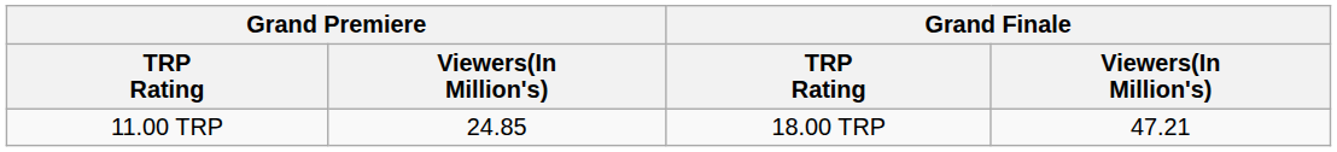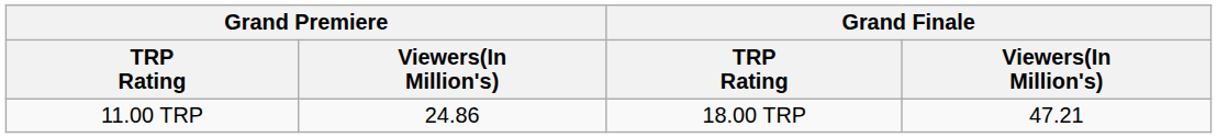 <table class="wikitable" style="font-size:90%; text-align:center; width: 90%; margin-left: auto; margin-right: auto;style=width:50em ">
 <tr>
 <th colspan="2">Grand Premiere</th>
 <th colspan="2">Grand Finale</th>
 </tr>
 <tr>
 <th>TRP<br>Rating</th>
 <th>Viewers(In<br>Million's)</th>
 <th>TRP<br>Rating</th>
 <th>Viewers(In<br>Million's)</th>
 </tr>
 <tr>
 <td>11.00 TRP</td>
-<td>24.85</td>
+<td>24.86</td>
 <td>18.00 TRP</td>
 <td>47.21</td>
 </tr>
 </table>
